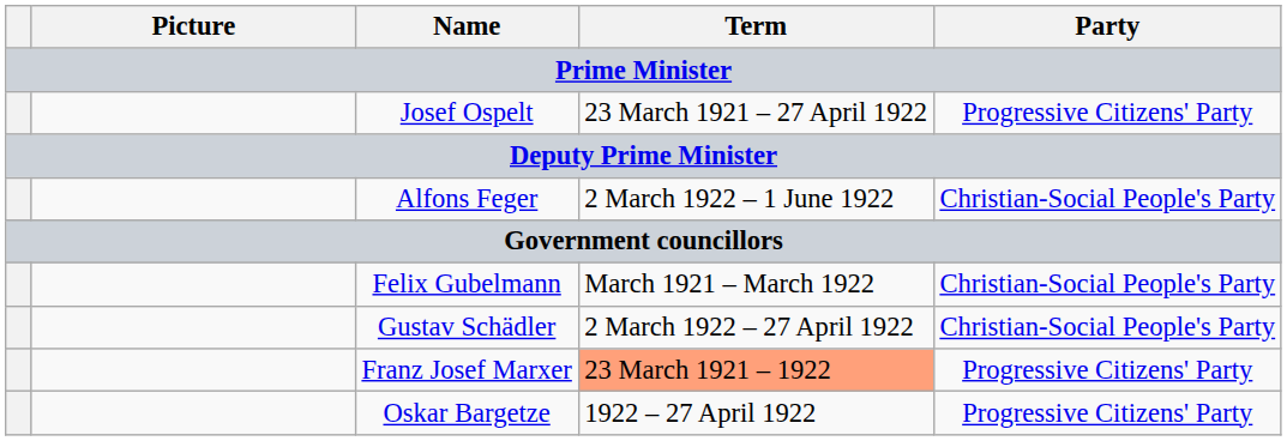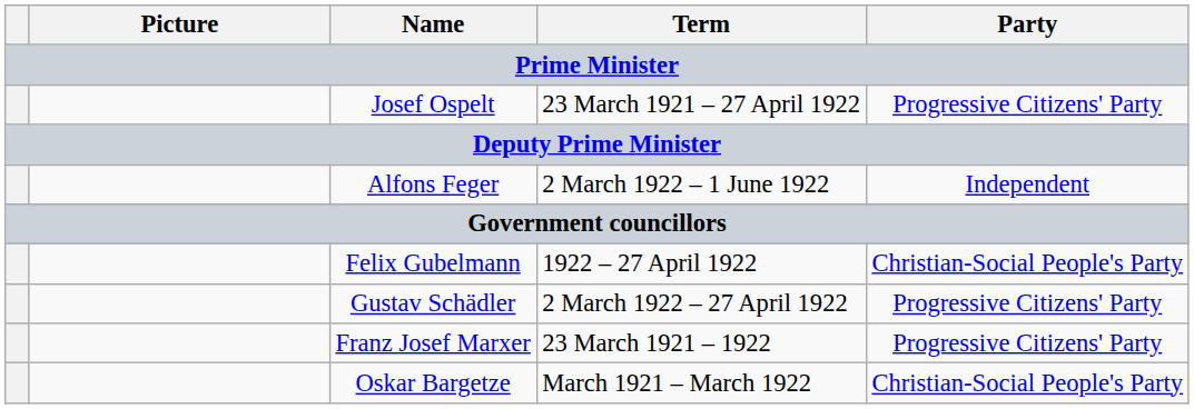 <table class="wikitable" style="text-align:center">
 <tr>
 <th style="width: 0.5em"></th>
 <th style="width: 11.5em"><strong>Picture</strong></th>
 <th><strong>Name</strong></th>
 <th><strong>Term</strong></th>
 <th><strong>Party</strong></th>
 </tr>
 <tr>
 <th colspan="6" style="background:#CCD2D9"><a href='#'>Prime Minister</a></th>
 </tr>
 <tr>
 <th style="background:"></th>
 <td></td>
 <td><a href='#'>Josef Ospelt</a></td>
 <td style="text-align:left">23 March 1921 – 27 April 1922</td>
 <td><a href='#'>Progressive Citizens' Party</a></td>
 </tr>
 <tr>
 <th colspan="6" style="background:#CCD2D9"><a href='#'>Deputy Prime Minister</a></th>
 </tr>
 <tr>
 <th style="background:"></th>
 <td></td>
 <td><a href='#'>Alfons Feger</a></td>
 <td style="text-align:left">2 March 1922 – 1 June 1922</td>
-<td><a href='#'>Christian-Social People's Party</a></td>
+<td><a href='#'>Independent</a></td>
 </tr>
 <tr>
 <th colspan="6" style="background:#CCD2D9">Government councillors</th>
 </tr>
 <tr>
 <th style="background:"></th>
 <td></td>
 <td><a href='#'>Felix Gubelmann</a></td>
-<td style="text-align:left">March 1921 – March 1922</td>
+<td style="text-align:left">1922 – 27 April 1922</td>
 <td><a href='#'>Christian-Social People's Party</a></td>
 </tr>
 <tr>
 <th style="background:"></th>
 <td></td>
 <td><a href='#'>Gustav Schädler</a></td>
 <td style="text-align:left">2 March 1922 – 27 April 1922</td>
-<td><a href='#'>Christian-Social People's Party</a></td>
+<td><a href='#'>Progressive Citizens' Party</a></td>
 </tr>
 <tr>
 <th style="background:"></th>
 <td></td>
 <td><a href='#'>Franz Josef Marxer</a></td>
-<td style="background: lightsalmon; text-align:left">23 March 1921 – 1922</td>
+<td style="text-align:left">23 March 1921 – 1922</td>
 <td><a href='#'>Progressive Citizens' Party</a></td>
 </tr>
 <tr>
 <th style="background:"></th>
 <td></td>
 <td><a href='#'>Oskar Bargetze</a></td>
-<td style="text-align:left">1922 – 27 April 1922</td>
-<td><a href='#'>Progressive Citizens' Party</a></td>
+<td style="text-align:left">March 1921 – March 1922</td>
+<td><a href='#'>Christian-Social People's Party</a></td>
 </tr>
 </table>
